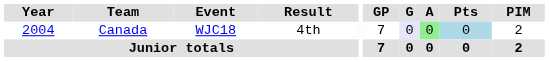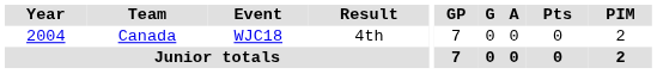 <table border="0" cellpadding="1" cellspacing="0" ID="Table3" style="text-align:center; width:40em">
 <tr ALIGN="center" bgcolor="#e0e0e0">
 <th>Year</th>
 <th>Team</th>
 <th>Event</th>
 <th>Result</th>
 <th rowspan="99" bgcolor="#ffffff"></th>
 <th>GP</th>
 <th>G</th>
 <th>A</th>
 <th>Pts</th>
 <th>PIM</th>
 </tr>
 <tr>
 <td><a href='#'>2004</a></td>
 <td><a href='#'>Canada</a></td>
 <td><a href='#'>WJC18</a></td>
 <td>4th</td>
 <td>7</td>
-<td style="background: lavender;">0</td>
-<td style="background: lightgreen;">0</td>
-<td style="background: lightblue;">0</td>
+<td>0</td>
+<td>0</td>
+<td>0</td>
 <td>2</td>
 </tr>
 <tr bgcolor="#e0e0e0">
 <th colspan="4">Junior totals</th>
 <th>7</th>
 <th>0</th>
 <th>0</th>
 <th>0</th>
 <th>2</th>
 </tr>
 </table>
